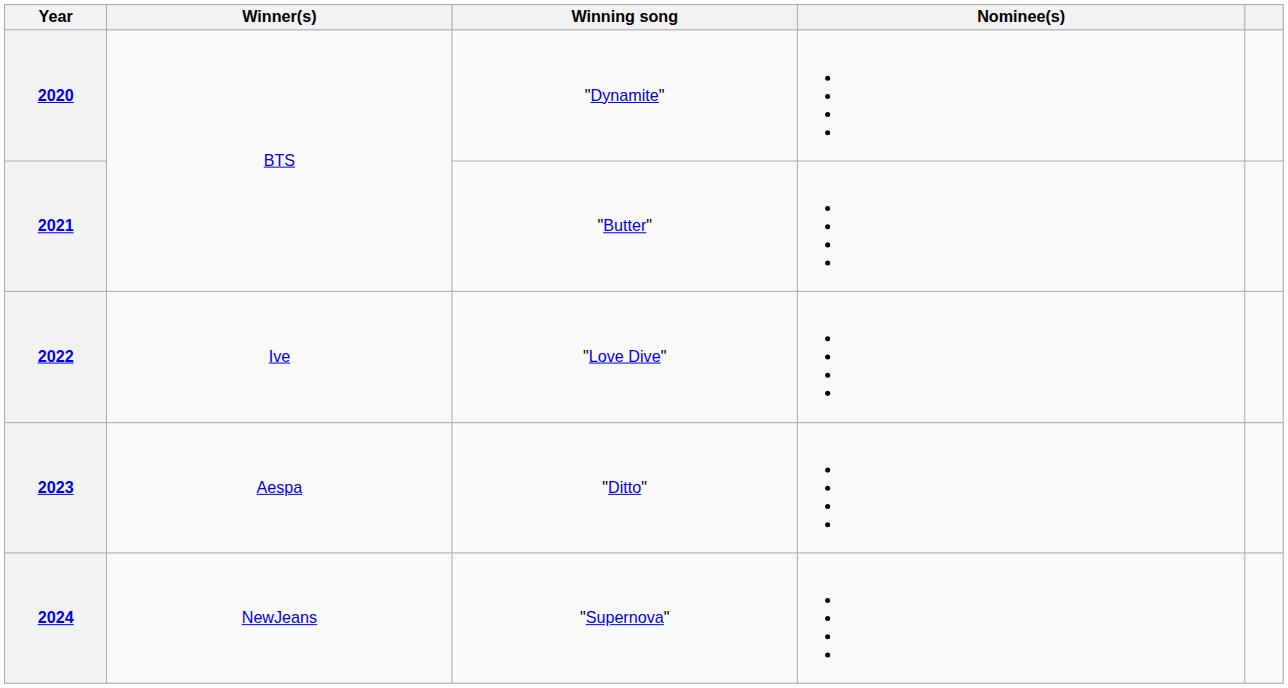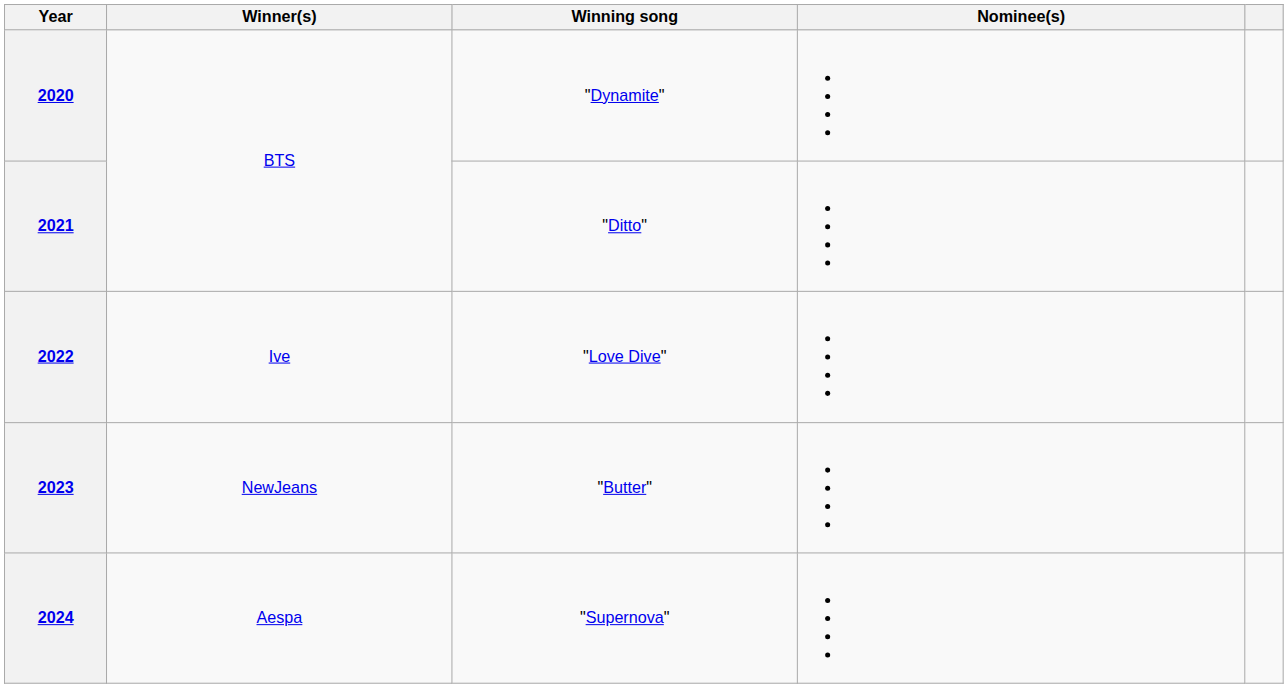 <table class="wikitable sortable" rowspan="2" style="text-align:center; width:80%">
 <tr style="background:#bebebe;">
 <th scope="col" style="width:8%;">Year</th>
 <th scope="col" style="width:27%;">Winner(s)</th>
 <th scope="col" style="width:27%;">Winning song</th>
 <th scope="col" class="unsortable" style="width:35%;">Nominee(s)</th>
 <th class="unsortable"></th>
 </tr>
 <tr>
 <th><a href='#'>2020</a><br></th>
 <td rowspan="2"><a href='#'>BTS</a></td>
 <td>"<a href='#'>Dynamite</a>"</td>
 <td><br><ul><li></li><li></li><li></li><li></li></ul></td>
 <td><br></td>
 </tr>
 <tr>
 <th><a href='#'>2021</a><br></th>
-<td>"<a href='#'>Butter</a>"</td>
+<td>"<a href='#'>Ditto</a>"</td>
 <td><br><ul><li></li><li></li><li></li><li></li></ul></td>
 <td></td>
 </tr>
 <tr>
 <th><a href='#'>2022</a><br></th>
 <td><a href='#'>Ive</a></td>
 <td>"<a href='#'>Love Dive</a>"</td>
 <td><br><ul><li></li><li></li><li></li><li></li></ul></td>
 <td></td>
 </tr>
 <tr>
 <th><a href='#'>2023</a><br></th>
-<td><a href='#'>Aespa</a></td>
-<td>"<a href='#'>Ditto</a>"</td>
+<td><a href='#'>NewJeans</a></td>
+<td>"<a href='#'>Butter</a>"</td>
 <td><br><ul><li></li><li></li><li></li><li></li></ul></td>
 <td></td>
 </tr>
 <tr>
 <th><a href='#'>2024</a><br></th>
-<td><a href='#'>NewJeans</a></td>
+<td><a href='#'>Aespa</a></td>
 <td>"<a href='#'>Supernova</a>"</td>
 <td><br><ul><li></li><li></li><li></li><li></li></ul></td>
 <td></td>
 </tr>
 </table>
